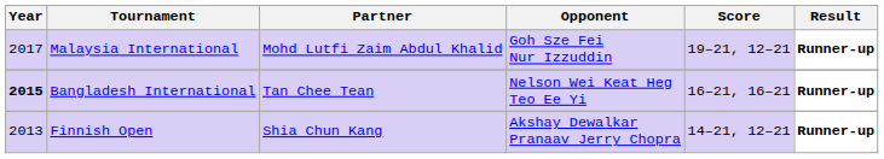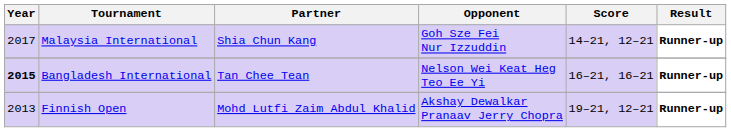 <table class="sortable wikitable" style="font-size: 90%;">
 <tr>
 <th>Year</th>
 <th>Tournament</th>
 <th>Partner</th>
 <th>Opponent</th>
 <th>Score</th>
 <th>Result</th>
 </tr>
 <tr style="background:#D8CEF6">
 <td align="center">2017</td>
 <td align="left"><a href='#'>Malaysia International</a></td>
-<td align="left"> <a href='#'>Mohd Lutfi Zaim Abdul Khalid</a></td>
+<td align="left"> <a href='#'>Shia Chun Kang</a></td>
 <td align="left"> <a href='#'>Goh Sze Fei</a> <br>  <a href='#'>Nur Izzuddin</a></td>
-<td align="left">19–21, 12–21</td>
+<td align="left">14–21, 12–21</td>
 <td style="text-align:left; background:white"> <strong>Runner-up</strong></td>
 </tr>
 <tr>
 </tr>
 <tr style="background:#D8CEF6">
 <td align="center"><strong>2015</strong></td>
 <td align="left"><a href='#'>Bangladesh International</a></td>
 <td align="left"> <a href='#'>Tan Chee Tean</a></td>
 <td align="left"> <a href='#'>Nelson Wei Keat Heg</a> <br>  <a href='#'>Teo Ee Yi</a></td>
 <td align="left">16–21, 16–21</td>
 <td style="text-align:left; background:white"> <strong>Runner-up</strong></td>
 </tr>
 <tr>
 </tr>
 <tr style="background:#D8CEF6">
 <td align="center">2013</td>
 <td align="left"><a href='#'>Finnish Open</a></td>
-<td align="left"> <a href='#'>Shia Chun Kang</a></td>
+<td align="left"> <a href='#'>Mohd Lutfi Zaim Abdul Khalid</a></td>
 <td align="left"> <a href='#'>Akshay Dewalkar</a> <br>  <a href='#'>Pranaav Jerry Chopra</a></td>
-<td align="left">14–21, 12–21</td>
+<td align="left">19–21, 12–21</td>
 <td style="text-align:left; background:white"> <strong>Runner-up</strong></td>
 </tr>
 </table>
